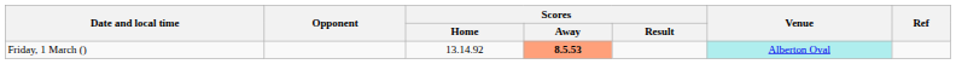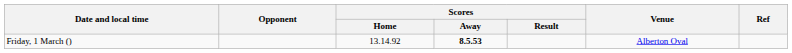 <table class="wikitable plainrowheaders" style="font-size:90%; width:100%; text-align:center;">
 <tr>
 <th rowspan="2" scope="col">Date and local time</th>
 <th rowspan="2" scope="col">Opponent</th>
 <th colspan="3" scope="col">Scores</th>
 <th rowspan="2" scope="col">Venue</th>
 <th rowspan="2" scope="col">Ref</th>
 </tr>
 <tr>
 <th scope="col">Home</th>
 <th scope="col">Away</th>
 <th scope="col">Result</th>
 </tr>
 <tr>
 <td align="left">Friday, 1 March ()</td>
 <td align="left"></td>
 <td>13.14.92</td>
-<td style="background: lightsalmon;"><strong>8.5.53</strong></td>
+<td><strong>8.5.53</strong></td>
 <td></td>
-<td style="background: paleturquoise;"><a href='#'>Alberton Oval</a></td>
+<td><a href='#'>Alberton Oval</a></td>
 <td></td>
 </tr>
 </table>
